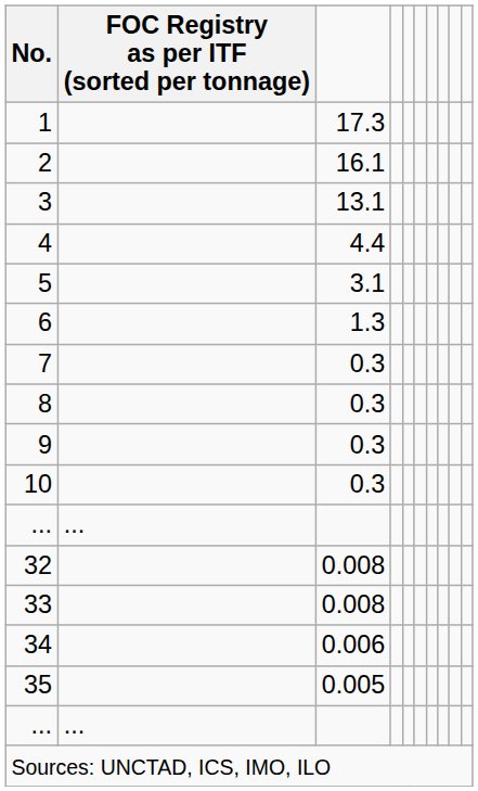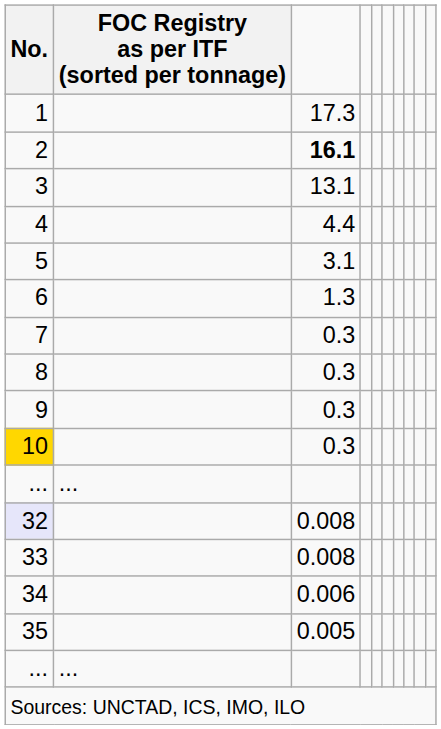 <table class="wikitable" style="float:right; margin-left: 10px;">
 <tr>
 <th>No.</th>
 <th>FOC Registry<br>as per ITF<br>(sorted per tonnage)</th>
 <td></td>
 <td></td>
 <td></td>
 <td></td>
 <td></td>
 <td></td>
 <td></td>
 <td></td>
 </tr>
 <tr>
 <td style="text-align:right;">1</td>
 <td></td>
 <td style="text-align:right;">17.3</td>
 <td></td>
 <td></td>
 <td></td>
 <td></td>
 <td></td>
 <td></td>
 <td></td>
 </tr>
 <tr>
 <td style="text-align:right;">2</td>
 <td></td>
-<td style="text-align:right;">16.1</td>
+<td style="text-align:right;"><strong>16.1</strong></td>
 <td></td>
 <td></td>
 <td></td>
 <td></td>
 <td></td>
 <td></td>
 <td></td>
 </tr>
 <tr>
 <td style="text-align:right;">3</td>
 <td></td>
 <td style="text-align:right;">13.1</td>
 <td></td>
 <td></td>
 <td></td>
 <td></td>
 <td></td>
 <td></td>
 <td></td>
 </tr>
 <tr>
 <td style="text-align:right;">4</td>
 <td></td>
 <td style="text-align:right;">4.4</td>
 <td></td>
 <td></td>
 <td></td>
 <td></td>
 <td></td>
 <td></td>
 <td></td>
 </tr>
 <tr>
 <td style="text-align:right;">5</td>
 <td></td>
 <td style="text-align:right;">3.1</td>
 <td></td>
 <td></td>
 <td></td>
 <td></td>
 <td></td>
 <td></td>
 <td></td>
 </tr>
 <tr>
 <td style="text-align:right;">6</td>
 <td></td>
 <td style="text-align:right;">1.3</td>
 <td></td>
 <td></td>
 <td></td>
 <td></td>
 <td></td>
 <td></td>
 <td></td>
 </tr>
 <tr>
 <td style="text-align:right;">7</td>
 <td></td>
 <td style="text-align:right;">0.3</td>
 <td></td>
 <td></td>
 <td></td>
 <td></td>
 <td></td>
 <td></td>
 <td></td>
 </tr>
 <tr>
 <td style="text-align:right;">8</td>
 <td></td>
 <td style="text-align:right;">0.3</td>
 <td></td>
 <td></td>
 <td></td>
 <td></td>
 <td></td>
 <td></td>
 <td></td>
 </tr>
 <tr>
 <td style="text-align:right;">9</td>
 <td></td>
 <td style="text-align:right;">0.3</td>
 <td></td>
 <td></td>
 <td></td>
 <td></td>
 <td></td>
 <td></td>
 <td></td>
 </tr>
 <tr>
-<td style="text-align:right;">10</td>
+<td style="background: gold; text-align:right;">10</td>
 <td></td>
 <td style="text-align:right;">0.3</td>
 <td></td>
 <td></td>
 <td></td>
 <td></td>
 <td></td>
 <td></td>
 <td></td>
 </tr>
 <tr>
 <td style="text-align:right;">...</td>
 <td>...</td>
 <td style="text-align:right;"></td>
 <td></td>
 <td></td>
 <td></td>
 <td></td>
 <td></td>
 <td></td>
 <td></td>
 </tr>
 <tr>
-<td style="text-align:right;">32</td>
+<td style="background: lavender; text-align:right;">32</td>
 <td></td>
 <td style="text-align:right;">0.008</td>
 <td></td>
 <td></td>
 <td></td>
 <td></td>
 <td></td>
 <td></td>
 <td></td>
 </tr>
 <tr>
 <td style="text-align:right;">33</td>
 <td></td>
 <td style="text-align:right;">0.008</td>
 <td></td>
 <td></td>
 <td></td>
 <td></td>
 <td></td>
 <td></td>
 <td></td>
 </tr>
 <tr>
 <td style="text-align:right;">34</td>
 <td></td>
 <td style="text-align:right;">0.006</td>
 <td></td>
 <td></td>
 <td></td>
 <td></td>
 <td></td>
 <td></td>
 <td></td>
 </tr>
 <tr>
 <td style="text-align:right;">35</td>
 <td></td>
 <td style="text-align:right;">0.005</td>
 <td></td>
 <td></td>
 <td></td>
 <td></td>
 <td></td>
 <td></td>
 <td></td>
 </tr>
 <tr>
 <td style="text-align:right;">...</td>
 <td>...</td>
 <td></td>
 <td></td>
 <td></td>
 <td></td>
 <td></td>
 <td></td>
 <td></td>
 <td></td>
 </tr>
 <tr>
 <td colspan="10"><small>Sources: UNCTAD</small><small>, I</small><small>CS</small><small>, I</small><small>MO, ILO</small></td>
 </tr>
 </table>
